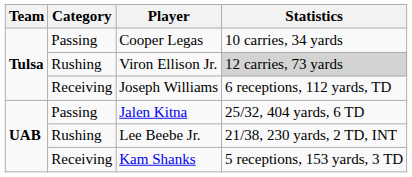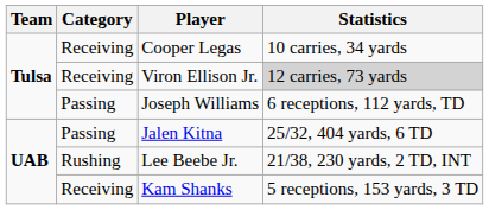 <table class="wikitable" style="float: right;">
 <tr>
 <th>Team</th>
 <th>Category</th>
 <th>Player</th>
 <th>Statistics</th>
 </tr>
 <tr>
 <td rowspan=3><strong>Tulsa</strong></td>
-<td>Passing</td>
+<td>Receiving</td>
 <td>Cooper Legas</td>
 <td>10 carries, 34 yards</td>
 </tr>
 <tr>
-<td>Rushing</td>
+<td>Receiving</td>
 <td>Viron Ellison Jr.</td>
 <td style="background: lightgrey;">12 carries, 73 yards</td>
 </tr>
 <tr>
-<td>Receiving</td>
+<td>Passing</td>
 <td>Joseph Williams</td>
 <td>6 receptions, 112 yards, TD</td>
 </tr>
 <tr>
 <td rowspan=3><strong>UAB</strong></td>
 <td>Passing</td>
 <td><a href='#'>Jalen Kitna</a></td>
 <td>25/32, 404 yards, 6 TD</td>
 </tr>
 <tr>
 <td>Rushing</td>
 <td>Lee Beebe Jr.</td>
 <td>21/38, 230 yards, 2 TD, INT</td>
 </tr>
 <tr>
 <td>Receiving</td>
 <td><a href='#'>Kam Shanks</a></td>
 <td>5 receptions, 153 yards, 3 TD</td>
 </tr>
 </table>
